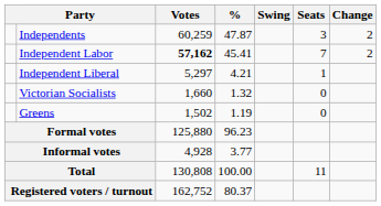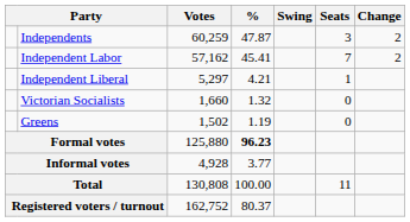 <table class="wikitable" style="text-align:right; margin-bottom:0">
 <tr>
 <th style="width:10px" colspan=3>Party</th>
 <th style="width:70px;">Votes</th>
 <th style="width:40px;">%</th>
 <th style="width:40px;">Swing</th>
 <th style="width:40px;">Seats</th>
 <th style="width:40px;">Change</th>
 </tr>
 <tr>
 <td> </td>
 <td style="text-align:left;" colspan="2"><a href='#'>Independents</a></td>
 <td>60,259</td>
 <td>47.87</td>
 <td></td>
 <td>3</td>
 <td> 2</td>
 </tr>
 <tr>
 <td> </td>
 <td colspan="2" style="text-align:left;"><a href='#'>Independent Labor</a></td>
-<td><strong>57,162</strong></td>
+<td>57,162</td>
 <td>45.41</td>
 <td></td>
 <td>7</td>
 <td> 2</td>
 </tr>
 <tr>
 <td> </td>
 <td colspan="2" style="text-align:left;"><a href='#'>Independent Liberal</a></td>
 <td>5,297</td>
 <td>4.21</td>
 <td></td>
 <td>1</td>
 <td></td>
 </tr>
 <tr>
 <td> </td>
 <td style="text-align:left;" colspan="2"><a href='#'>Victorian Socialists</a></td>
 <td>1,660</td>
 <td>1.32</td>
 <td></td>
 <td>0</td>
 <td></td>
 </tr>
 <tr>
 <td> </td>
 <td style="text-align:left;" colspan="2"><a href='#'>Greens</a></td>
 <td>1,502</td>
 <td>1.19</td>
 <td></td>
 <td>0</td>
 <td></td>
 </tr>
 <tr>
 <th colspan="3" rowspan="1"> Formal votes</th>
 <td>125,880</td>
-<td>96.23</td>
+<td><strong>96.23</strong></td>
 <td></td>
 <td></td>
 <td></td>
 </tr>
 <tr>
 <th colspan="3" rowspan="1"> Informal votes</th>
 <td>4,928</td>
 <td>3.77</td>
 <td></td>
 <td></td>
 <td></td>
 </tr>
 <tr>
 <th colspan="3" rowspan="1"> Total</th>
 <td>130,808</td>
 <td>100.00</td>
 <td></td>
 <td>11</td>
 <td></td>
 </tr>
 <tr>
 <th colspan="3" rowspan="1"> Registered voters / turnout</th>
 <td>162,752</td>
 <td>80.37</td>
 <td></td>
 <td></td>
 <td></td>
 </tr>
 </table>
